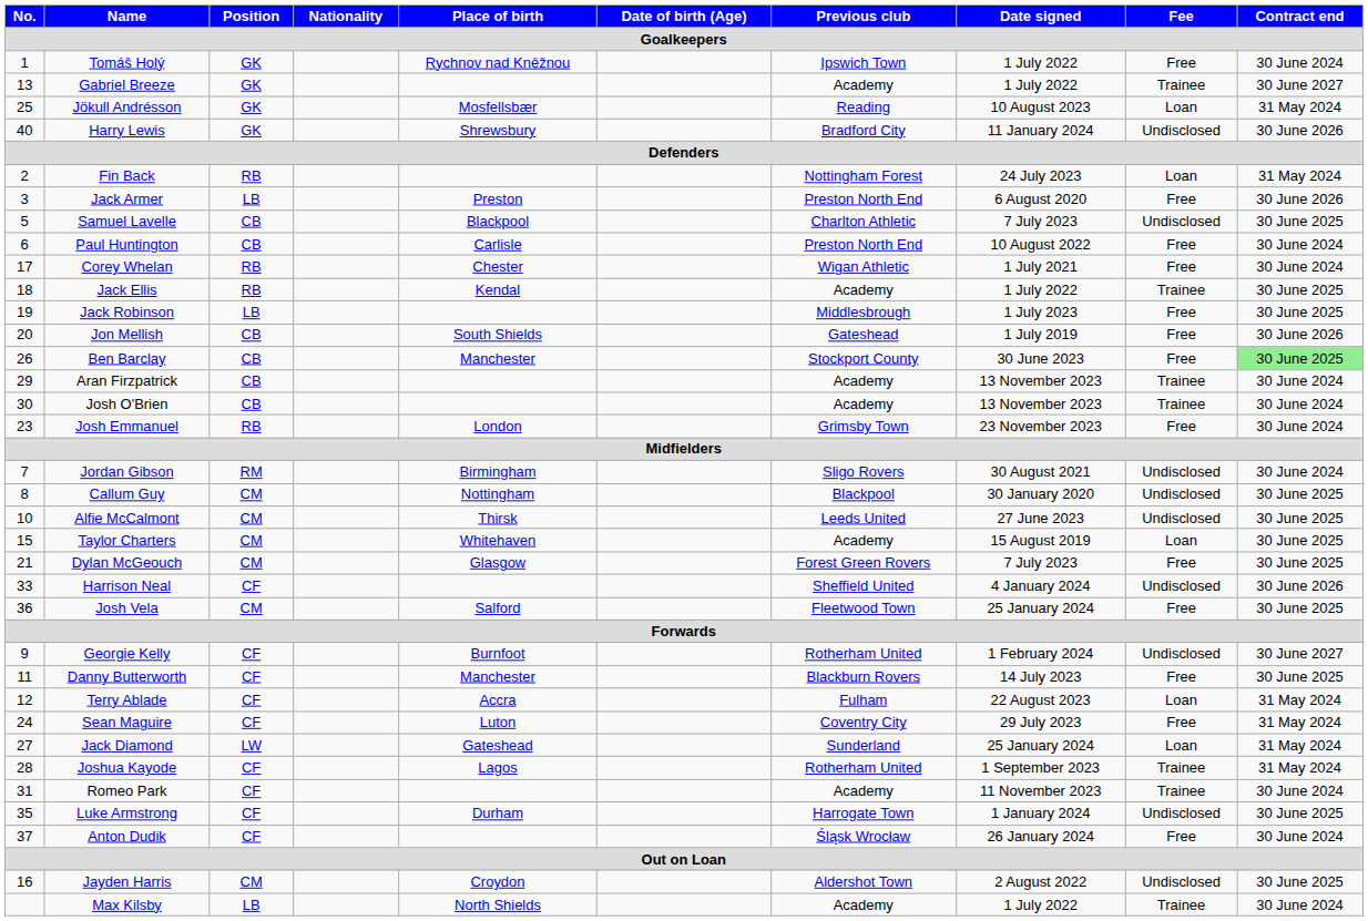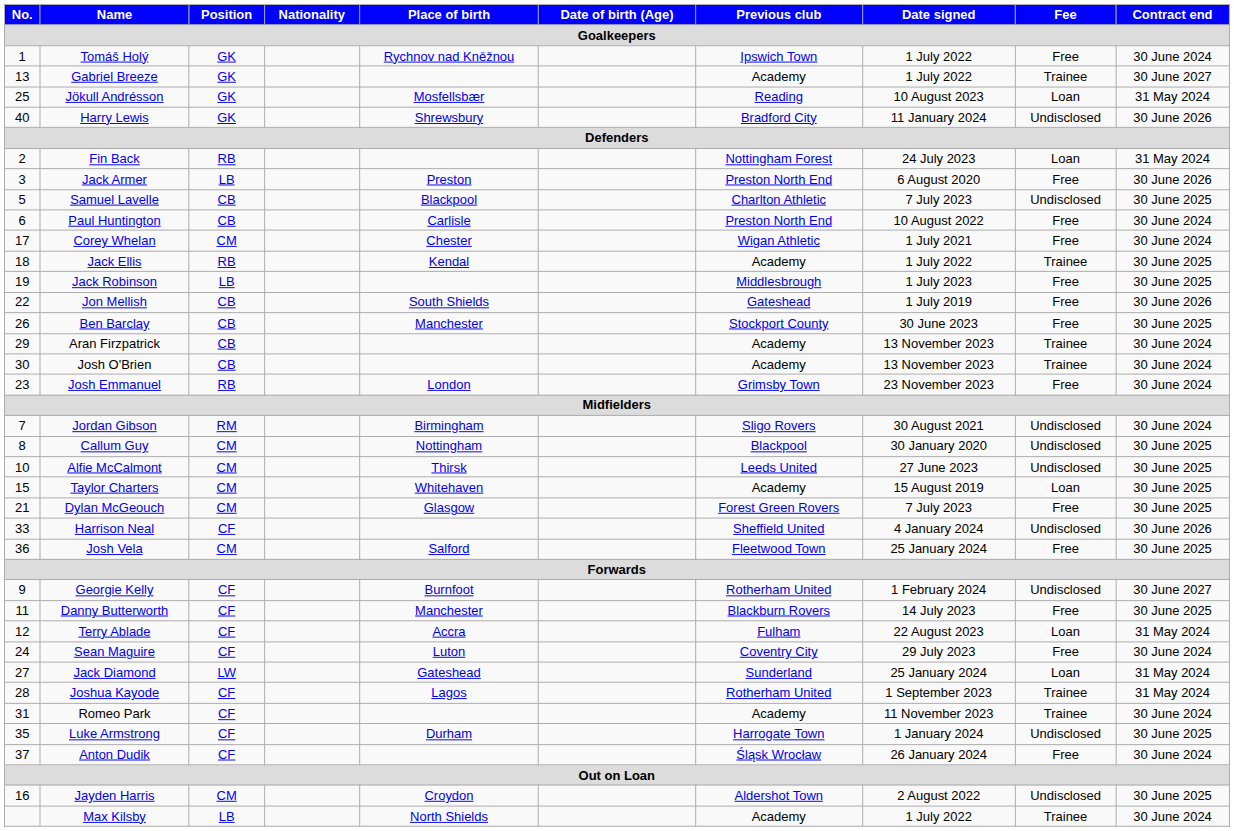 <table class="wikitable" style="text-align:center; font-size:84.5%; width:101%;">
 <tr>
 <th style="background:#0000FF;color:white;">No.</th>
 <th style="background:#0000FF;color:white;">Name</th>
 <th style="background:#0000FF;color:white;">Position</th>
 <th style="background:#0000FF;color:white;">Nationality</th>
 <th style="background:#0000FF;color:white;">Place of birth</th>
 <th style="background:#0000FF;color:white;">Date of birth (Age)</th>
 <th style="background:#0000FF;color:white;">Previous club</th>
 <th style="background:#0000FF;color:white;">Date signed</th>
 <th style="background:#0000FF;color:white;">Fee</th>
 <th style="background:#0000FF;color:white;">Contract end</th>
 </tr>
 <tr>
 <th colspan="14" style="background:#dcdcdc; tepxt-align:center;">Goalkeepers</th>
 </tr>
 <tr>
 <td>1</td>
 <td><a href='#'>Tomáš Holý</a></td>
 <td><a href='#'>GK</a></td>
 <td></td>
 <td><a href='#'>Rychnov nad Kněžnou</a></td>
 <td></td>
 <td><a href='#'>Ipswich Town</a></td>
 <td>1 July 2022</td>
 <td>Free</td>
 <td>30 June 2024</td>
 </tr>
 <tr>
 <td>13</td>
 <td><a href='#'>Gabriel Breeze</a></td>
 <td><a href='#'>GK</a></td>
 <td></td>
 <td></td>
 <td></td>
 <td>Academy</td>
 <td>1 July 2022</td>
 <td>Trainee</td>
 <td>30 June 2027</td>
 </tr>
 <tr>
 <td>25</td>
 <td><a href='#'>Jökull Andrésson</a></td>
 <td><a href='#'>GK</a></td>
 <td></td>
 <td><a href='#'>Mosfellsbær</a></td>
 <td></td>
 <td><a href='#'>Reading</a></td>
 <td>10 August 2023</td>
 <td>Loan</td>
 <td>31 May 2024</td>
 </tr>
 <tr>
 <td>40</td>
 <td><a href='#'>Harry Lewis</a></td>
 <td><a href='#'>GK</a></td>
 <td></td>
 <td><a href='#'>Shrewsbury</a></td>
 <td></td>
 <td><a href='#'>Bradford City</a></td>
 <td>11 January 2024</td>
 <td>Undisclosed</td>
 <td>30 June 2026</td>
 </tr>
 <tr>
 <th colspan="14" style="background:#dcdcdc; tepxt-align:center;">Defenders</th>
 </tr>
 <tr>
 <td>2</td>
 <td><a href='#'>Fin Back</a></td>
 <td><a href='#'>RB</a></td>
 <td></td>
 <td></td>
 <td></td>
 <td><a href='#'>Nottingham Forest</a></td>
 <td>24 July 2023</td>
 <td>Loan</td>
 <td>31 May 2024</td>
 </tr>
 <tr>
 <td>3</td>
 <td><a href='#'>Jack Armer</a></td>
 <td><a href='#'>LB</a></td>
 <td></td>
 <td> <a href='#'>Preston</a></td>
 <td></td>
 <td><a href='#'>Preston North End</a></td>
 <td>6 August 2020</td>
 <td>Free</td>
 <td>30 June 2026</td>
 </tr>
 <tr>
 <td>5</td>
 <td><a href='#'>Samuel Lavelle</a></td>
 <td><a href='#'>CB</a></td>
 <td></td>
 <td> <a href='#'>Blackpool</a></td>
 <td></td>
 <td><a href='#'>Charlton Athletic</a></td>
 <td>7 July 2023</td>
 <td>Undisclosed</td>
 <td>30 June 2025</td>
 </tr>
 <tr>
 <td>6</td>
 <td><a href='#'>Paul Huntington</a></td>
 <td><a href='#'>CB</a></td>
 <td></td>
 <td><a href='#'>Carlisle</a></td>
 <td></td>
 <td><a href='#'>Preston North End</a></td>
 <td>10 August 2022</td>
 <td>Free</td>
 <td>30 June 2024</td>
 </tr>
 <tr>
 <td>17</td>
 <td><a href='#'>Corey Whelan</a></td>
-<td><a href='#'>RB</a></td>
+<td><a href='#'>CM</a></td>
 <td></td>
 <td> <a href='#'>Chester</a></td>
 <td></td>
 <td><a href='#'>Wigan Athletic</a></td>
 <td>1 July 2021</td>
 <td>Free</td>
 <td>30 June 2024</td>
 </tr>
 <tr>
 <td>18</td>
 <td><a href='#'>Jack Ellis</a></td>
 <td><a href='#'>RB</a></td>
 <td></td>
 <td><a href='#'>Kendal</a></td>
 <td></td>
 <td>Academy</td>
 <td>1 July 2022</td>
 <td>Trainee</td>
 <td>30 June 2025</td>
 </tr>
 <tr>
 <td>19</td>
 <td><a href='#'>Jack Robinson</a></td>
 <td><a href='#'>LB</a></td>
 <td></td>
 <td></td>
 <td></td>
 <td><a href='#'>Middlesbrough</a></td>
 <td>1 July 2023</td>
 <td>Free</td>
 <td>30 June 2025</td>
 </tr>
 <tr>
-<td>20</td>
+<td>22</td>
 <td><a href='#'>Jon Mellish</a></td>
 <td><a href='#'>CB</a></td>
 <td></td>
 <td><a href='#'>South Shields</a></td>
 <td></td>
 <td><a href='#'>Gateshead</a></td>
 <td>1 July 2019</td>
 <td>Free</td>
 <td>30 June 2026</td>
 </tr>
 <tr>
 <td>26</td>
 <td><a href='#'>Ben Barclay</a></td>
 <td><a href='#'>CB</a></td>
 <td></td>
 <td><a href='#'>Manchester</a></td>
 <td></td>
 <td><a href='#'>Stockport County</a></td>
 <td>30 June 2023</td>
 <td>Free</td>
-<td style="background: lightgreen;">30 June 2025</td>
+<td>30 June 2025</td>
 </tr>
 <tr>
 <td>29</td>
 <td>Aran Firzpatrick</td>
 <td><a href='#'>CB</a></td>
 <td></td>
 <td></td>
 <td></td>
 <td>Academy</td>
 <td>13 November 2023</td>
 <td>Trainee</td>
 <td>30 June 2024</td>
 </tr>
 <tr>
 <td>30</td>
 <td>Josh O'Brien</td>
 <td><a href='#'>CB</a></td>
 <td></td>
 <td></td>
 <td></td>
 <td>Academy</td>
 <td>13 November 2023</td>
 <td>Trainee</td>
 <td>30 June 2024</td>
 </tr>
 <tr>
 <td>23</td>
 <td><a href='#'>Josh Emmanuel</a></td>
 <td><a href='#'>RB</a></td>
 <td></td>
 <td><a href='#'>London</a></td>
 <td></td>
 <td><a href='#'>Grimsby Town</a></td>
 <td>23 November 2023</td>
 <td>Free</td>
 <td>30 June 2024</td>
 </tr>
 <tr>
 <th colspan="14" style="background:#dcdcdc; tepxt-align:center;">Midfielders</th>
 </tr>
 <tr>
 <td>7</td>
 <td><a href='#'>Jordan Gibson</a></td>
 <td><a href='#'>RM</a></td>
 <td></td>
 <td><a href='#'>Birmingham</a></td>
 <td></td>
 <td> <a href='#'>Sligo Rovers</a></td>
 <td>30 August 2021</td>
 <td>Undisclosed</td>
 <td>30 June 2024</td>
 </tr>
 <tr>
 <td>8</td>
 <td><a href='#'>Callum Guy</a></td>
 <td><a href='#'>CM</a></td>
 <td></td>
 <td><a href='#'>Nottingham</a></td>
 <td></td>
 <td><a href='#'>Blackpool</a></td>
 <td>30 January 2020</td>
 <td>Undisclosed</td>
 <td>30 June 2025</td>
 </tr>
 <tr>
 <td>10</td>
 <td><a href='#'>Alfie McCalmont</a></td>
 <td><a href='#'>CM</a></td>
 <td></td>
 <td> <a href='#'>Thirsk</a></td>
 <td></td>
 <td><a href='#'>Leeds United</a></td>
 <td>27 June 2023</td>
 <td>Undisclosed</td>
 <td>30 June 2025</td>
 </tr>
 <tr>
 <td>15</td>
 <td><a href='#'>Taylor Charters</a></td>
 <td><a href='#'>CM</a></td>
 <td></td>
 <td><a href='#'>Whitehaven</a></td>
 <td></td>
 <td>Academy</td>
 <td>15 August 2019</td>
 <td>Loan</td>
 <td>30 June 2025</td>
 </tr>
 <tr>
 <td>21</td>
 <td><a href='#'>Dylan McGeouch</a></td>
 <td><a href='#'>CM</a></td>
 <td></td>
 <td><a href='#'>Glasgow</a></td>
 <td></td>
 <td><a href='#'>Forest Green Rovers</a></td>
 <td>7 July 2023</td>
 <td>Free</td>
 <td>30 June 2025</td>
 </tr>
 <tr>
 <td>33</td>
 <td><a href='#'>Harrison Neal</a></td>
 <td><a href='#'>CF</a></td>
 <td></td>
 <td></td>
 <td></td>
 <td><a href='#'>Sheffield United</a></td>
 <td>4 January 2024</td>
 <td>Undisclosed</td>
 <td>30 June 2026</td>
 </tr>
 <tr>
 <td>36</td>
 <td><a href='#'>Josh Vela</a></td>
 <td><a href='#'>CM</a></td>
 <td></td>
 <td><a href='#'>Salford</a></td>
 <td></td>
 <td><a href='#'>Fleetwood Town</a></td>
 <td>25 January 2024</td>
 <td>Free</td>
 <td>30 June 2025</td>
 </tr>
 <tr>
 <th colspan="14" style="background:#dcdcdc; tepxt-align:center;">Forwards</th>
 </tr>
 <tr>
 <td>9</td>
 <td><a href='#'>Georgie Kelly</a></td>
 <td><a href='#'>CF</a></td>
 <td></td>
 <td><a href='#'>Burnfoot</a></td>
 <td></td>
 <td><a href='#'>Rotherham United</a></td>
 <td>1 February 2024</td>
 <td>Undisclosed</td>
 <td>30 June 2027</td>
 </tr>
 <tr>
 <td>11</td>
 <td><a href='#'>Danny Butterworth</a></td>
 <td><a href='#'>CF</a></td>
 <td></td>
 <td><a href='#'>Manchester</a></td>
 <td></td>
 <td><a href='#'>Blackburn Rovers</a></td>
 <td>14 July 2023</td>
 <td>Free</td>
 <td>30 June 2025</td>
 </tr>
 <tr>
 <td>12</td>
 <td><a href='#'>Terry Ablade</a></td>
 <td><a href='#'>CF</a></td>
 <td></td>
 <td> <a href='#'>Accra</a></td>
 <td></td>
 <td><a href='#'>Fulham</a></td>
 <td>22 August 2023</td>
 <td>Loan</td>
 <td>31 May 2024</td>
 </tr>
 <tr>
 <td>24</td>
 <td><a href='#'>Sean Maguire</a></td>
 <td><a href='#'>CF</a></td>
 <td></td>
 <td> <a href='#'>Luton</a></td>
 <td></td>
 <td><a href='#'>Coventry City</a></td>
 <td>29 July 2023</td>
 <td>Free</td>
-<td>31 May 2024</td>
+<td>30 June 2024</td>
 </tr>
 <tr>
 <td>27</td>
 <td><a href='#'>Jack Diamond</a></td>
 <td><a href='#'>LW</a></td>
 <td></td>
 <td><a href='#'>Gateshead</a></td>
 <td></td>
 <td><a href='#'>Sunderland</a></td>
 <td>25 January 2024</td>
 <td>Loan</td>
 <td>31 May 2024</td>
 </tr>
 <tr>
 <td>28</td>
 <td><a href='#'>Joshua Kayode</a></td>
 <td><a href='#'>CF</a></td>
 <td></td>
 <td> <a href='#'>Lagos</a></td>
 <td></td>
 <td><a href='#'>Rotherham United</a></td>
 <td>1 September 2023</td>
 <td>Trainee</td>
 <td>31 May 2024</td>
 </tr>
 <tr>
 <td>31</td>
 <td>Romeo Park</td>
 <td><a href='#'>CF</a></td>
 <td></td>
 <td></td>
 <td></td>
 <td>Academy</td>
 <td>11 November 2023</td>
 <td>Trainee</td>
 <td>30 June 2024</td>
 </tr>
 <tr>
 <td>35</td>
 <td><a href='#'>Luke Armstrong</a></td>
 <td><a href='#'>CF</a></td>
 <td></td>
 <td><a href='#'>Durham</a></td>
 <td></td>
 <td><a href='#'>Harrogate Town</a></td>
 <td>1 January 2024</td>
 <td>Undisclosed</td>
 <td>30 June 2025</td>
 </tr>
 <tr>
 <td>37</td>
 <td><a href='#'>Anton Dudik</a></td>
 <td><a href='#'>CF</a></td>
 <td></td>
 <td></td>
 <td></td>
 <td> <a href='#'>Śląsk Wrocław</a></td>
 <td>26 January 2024</td>
 <td>Free</td>
 <td>30 June 2024</td>
 </tr>
 <tr>
 <th colspan="14" style="background:#dcdcdc; tepxt-align:center;">Out on Loan</th>
 </tr>
 <tr>
 <td>16</td>
 <td><a href='#'>Jayden Harris</a></td>
 <td><a href='#'>CM</a></td>
 <td></td>
 <td><a href='#'>Croydon</a></td>
 <td></td>
 <td><a href='#'>Aldershot Town</a></td>
 <td>2 August 2022</td>
 <td>Undisclosed</td>
 <td>30 June 2025</td>
 </tr>
 <tr>
 <td></td>
 <td><a href='#'>Max Kilsby</a></td>
 <td><a href='#'>LB</a></td>
 <td></td>
 <td><a href='#'>North Shields</a></td>
 <td></td>
 <td>Academy</td>
 <td>1 July 2022</td>
 <td>Trainee</td>
 <td>30 June 2024</td>
 </tr>
 </table>
